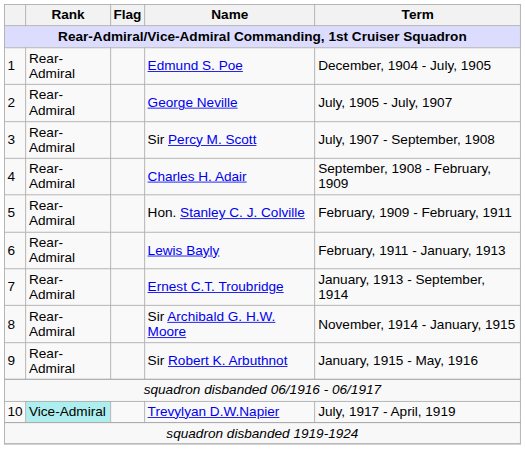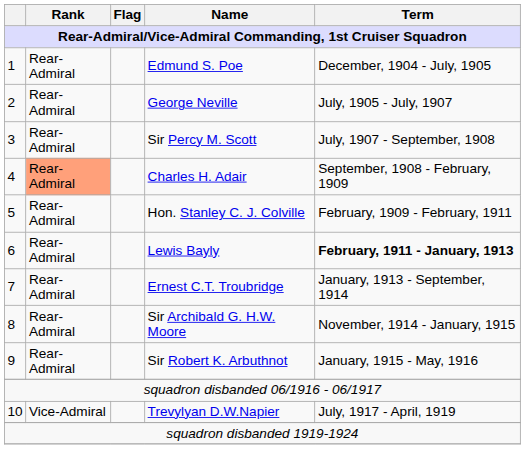 <table class="wikitable">
 <tr>
 <th></th>
 <th>Rank</th>
 <th>Flag</th>
 <th>Name</th>
 <th>Term</th>
 </tr>
 <tr>
 <td colspan="5" align="center" style="background:#dcdcfe;"><strong>Rear-Admiral/Vice-Admiral Commanding, 1st Cruiser Squadron</strong> </td>
 </tr>
 <tr>
 <td>1</td>
 <td>Rear-Admiral</td>
 <td></td>
 <td><a href='#'>Edmund S. Poe</a></td>
 <td>December, 1904 - July, 1905</td>
 </tr>
 <tr>
 <td>2</td>
 <td>Rear-Admiral</td>
 <td></td>
 <td><a href='#'>George Neville</a></td>
 <td>July, 1905 - July, 1907</td>
 </tr>
 <tr>
 <td>3</td>
 <td>Rear-Admiral</td>
 <td></td>
 <td>Sir <a href='#'>Percy M. Scott</a></td>
 <td>July, 1907 - September, 1908</td>
 </tr>
 <tr>
 <td>4</td>
-<td>Rear-Admiral</td>
+<td style="background: lightsalmon;">Rear-Admiral</td>
 <td></td>
 <td><a href='#'>Charles H. Adair</a></td>
 <td>September, 1908 - February, 1909</td>
 </tr>
 <tr>
 <td>5</td>
 <td>Rear-Admiral</td>
 <td></td>
 <td>Hon. <a href='#'>Stanley C. J. Colville</a></td>
 <td>February, 1909 - February, 1911</td>
 </tr>
 <tr>
 <td>6</td>
 <td>Rear-Admiral</td>
 <td></td>
 <td><a href='#'>Lewis Bayly</a></td>
-<td>February, 1911 - January, 1913</td>
+<td><strong>February, 1911 - January, 1913</strong></td>
 </tr>
 <tr>
 <td>7</td>
 <td>Rear-Admiral</td>
 <td></td>
 <td><a href='#'>Ernest C.T. Troubridge</a></td>
 <td>January, 1913 - September, 1914</td>
 </tr>
 <tr>
 <td>8</td>
 <td>Rear-Admiral</td>
 <td></td>
 <td>Sir <a href='#'>Archibald G. H.W. Moore</a></td>
 <td>November, 1914 - January, 1915</td>
 </tr>
 <tr>
 <td>9</td>
 <td>Rear-Admiral</td>
 <td></td>
 <td>Sir <a href='#'>Robert K. Arbuthnot</a></td>
 <td>January, 1915 - May, 1916</td>
 </tr>
 <tr>
 </tr>
 <tr style=background-color:#F8F8F8>
 <td colspan=5 align=center><em>squadron disbanded 06/1916 - 06/1917</em></td>
 </tr>
 <tr>
 <td>10</td>
-<td style="background: paleturquoise;">Vice-Admiral</td>
+<td>Vice-Admiral</td>
 <td></td>
 <td><a href='#'>Trevylyan D.W.Napier</a></td>
 <td>July, 1917 - April, 1919</td>
 </tr>
 <tr>
 </tr>
 <tr style=background-color:#F8F8F8>
 <td colspan=5 align=center><em>squadron disbanded 1919-1924</em></td>
 </tr>
 <tr>
 </tr>
 </table>
